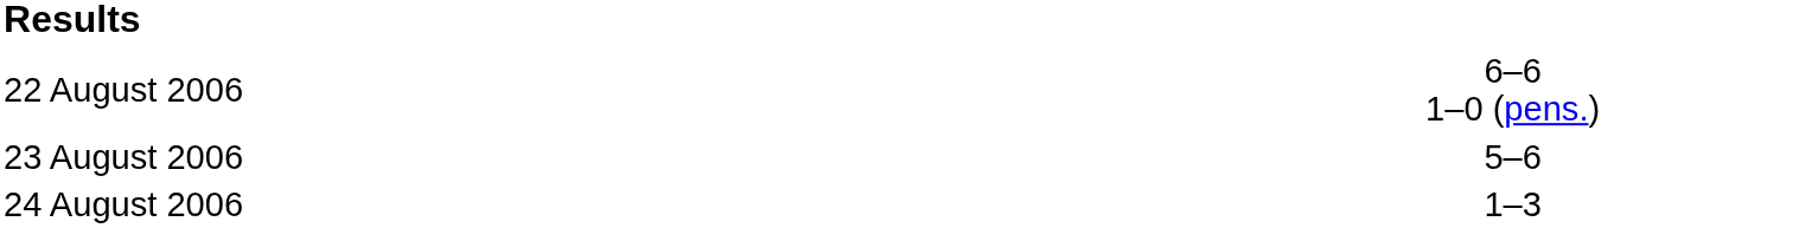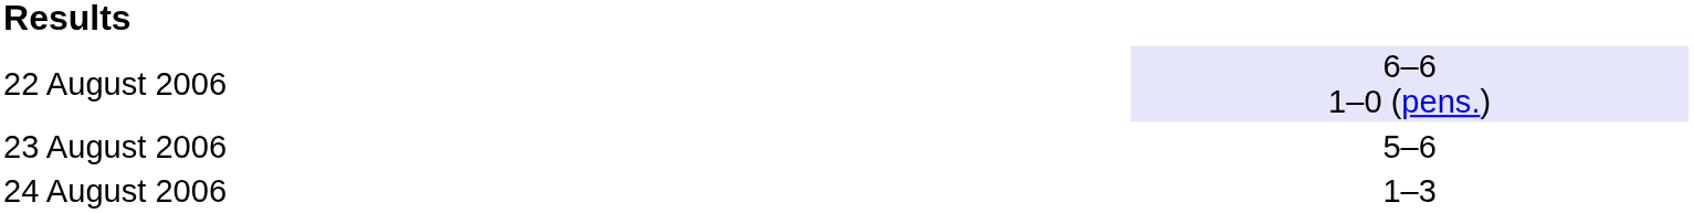 <table style="width:100%; font-size:90%;">
 <tr>
 <th width=20%></th>
 <th width=20%></th>
 <th width=20%></th>
 </tr>
 <tr>
 <td style=font-size:110%><strong>Results</strong></td>
 </tr>
 <tr>
 <td>22 August 2006</td>
 <td align=right></td>
-<td align=center>6–6 <br>1–0 (<a href='#'>pens.</a>)</td>
+<td align=center style="background: lavender;">6–6 <br>1–0 (<a href='#'>pens.</a>)</td>
 <td></td>
 </tr>
 <tr>
 <td>23 August 2006</td>
 <td align=right></td>
 <td align=center>5–6</td>
 <td></td>
 </tr>
 <tr>
 <td>24 August 2006</td>
 <td align=right></td>
 <td align=center>1–3</td>
 <td></td>
 </tr>
 </table>
